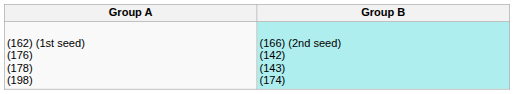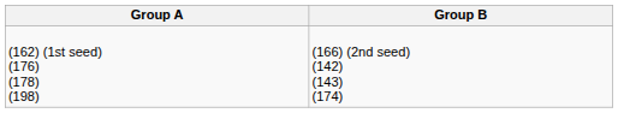 <table class="wikitable" width=58%>
 <tr>
 <th width=20%>Group A</th>
 <th width=20%>Group B</th>
 </tr>
 <tr>
 <td><br> (162) (1st seed)<br>  (176)<br>  (178)<br>  (198)</td>
-<td style="background: paleturquoise;"><br> (166) (2nd seed)<br>  (142)<br>  (143)<br>  (174)</td>
+<td><br> (166) (2nd seed)<br>  (142)<br>  (143)<br>  (174)</td>
 </tr>
 </table>
